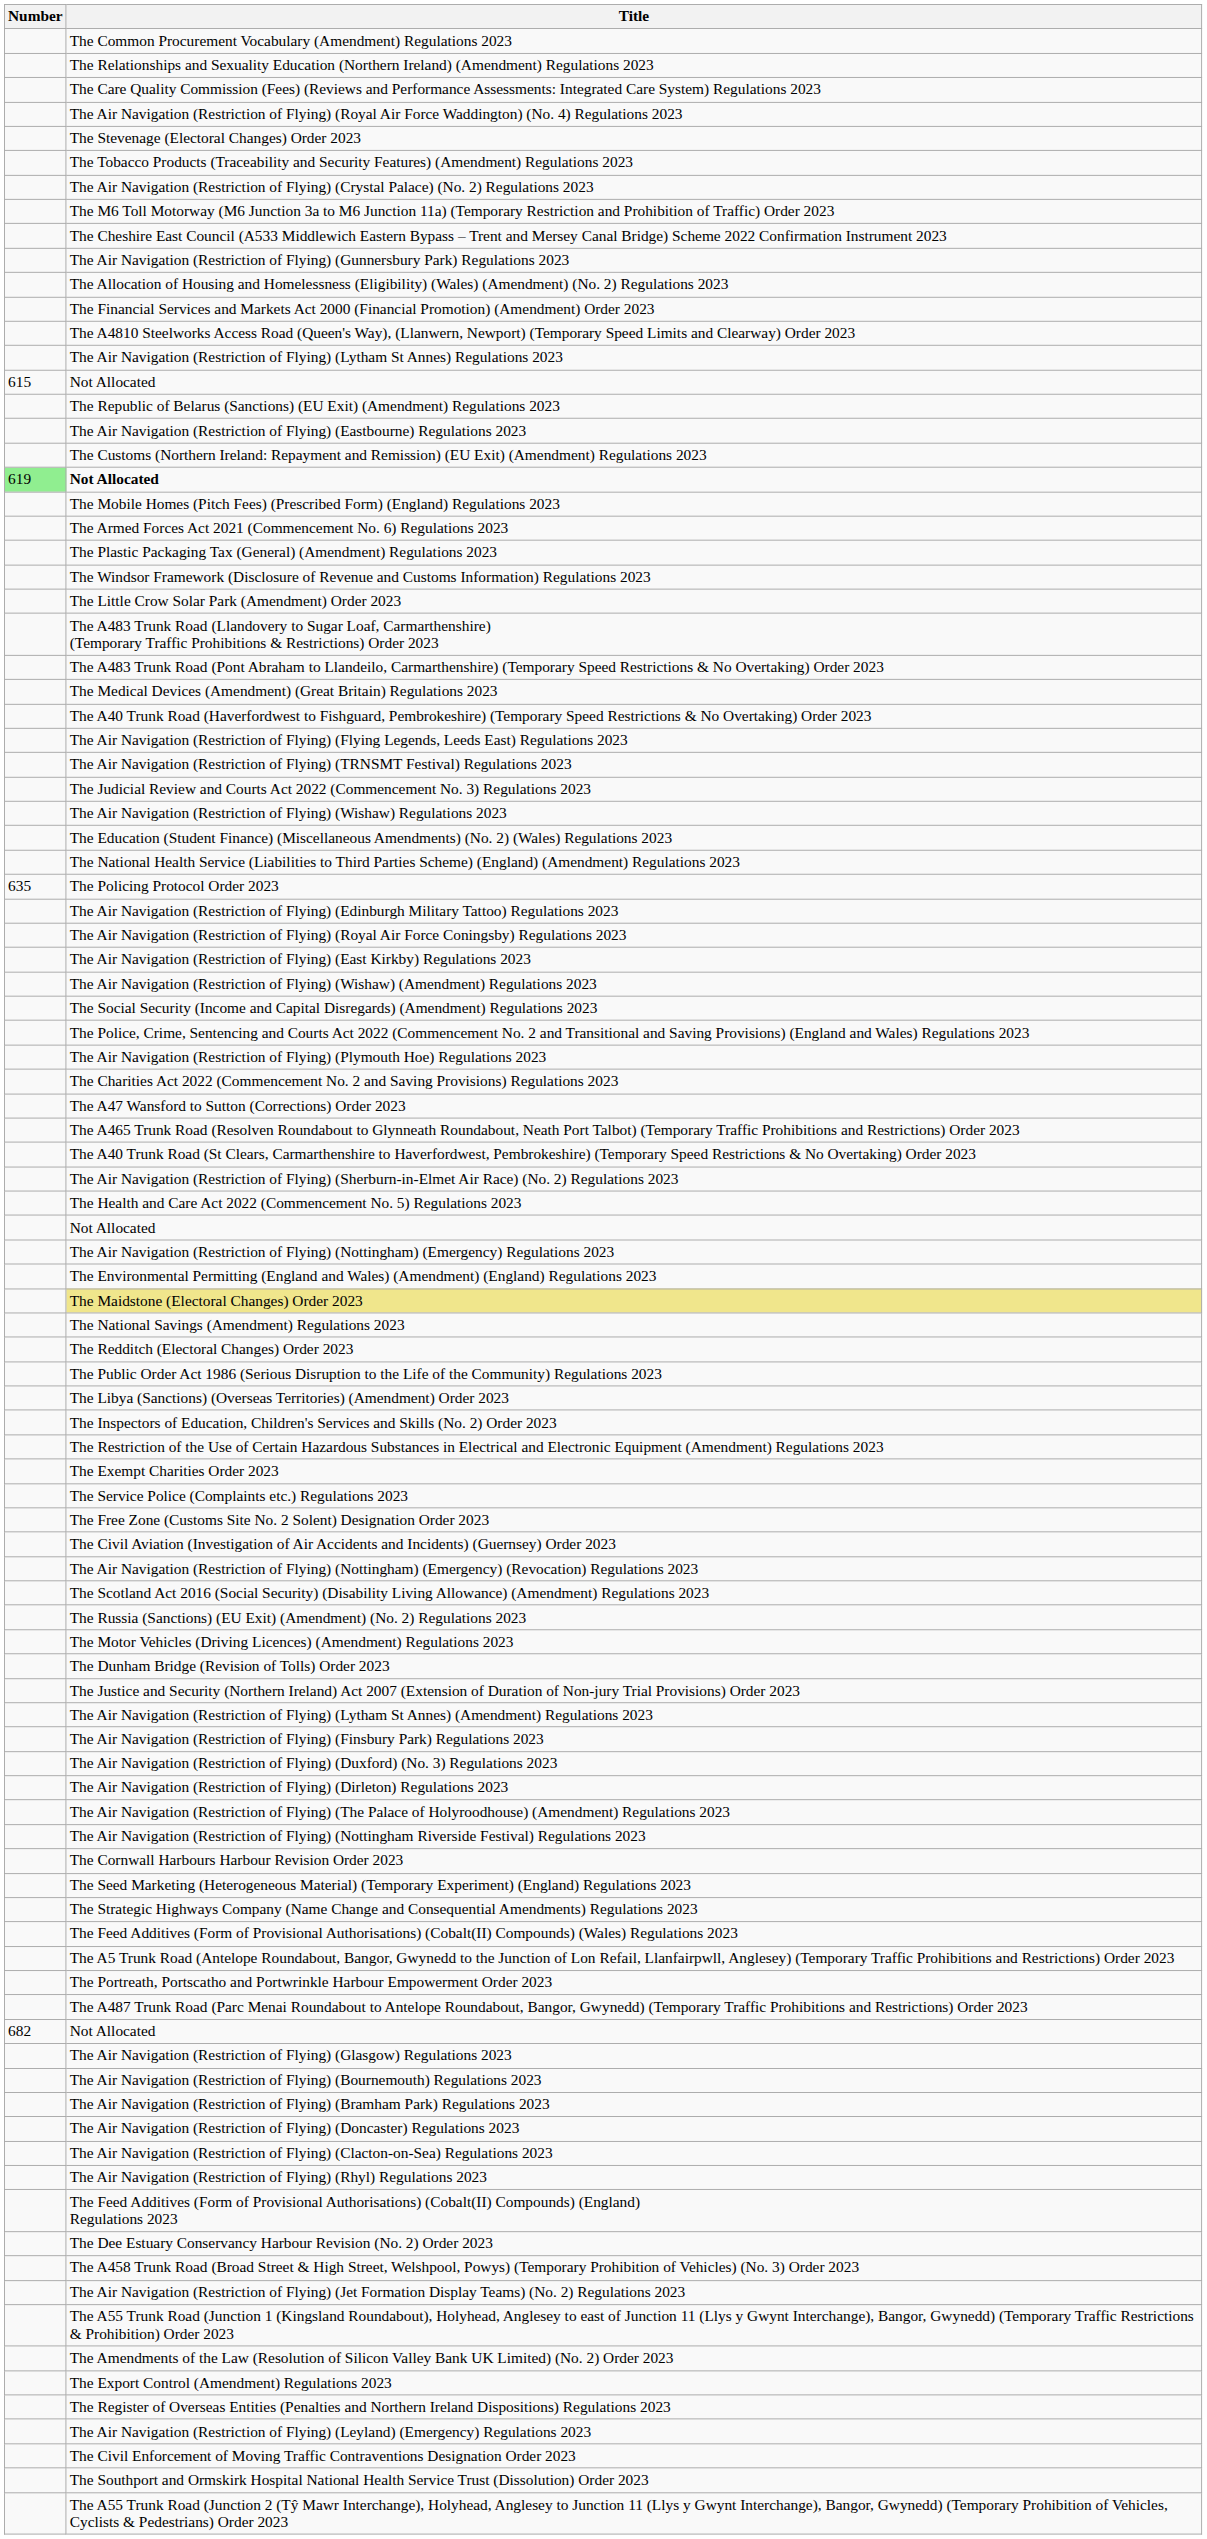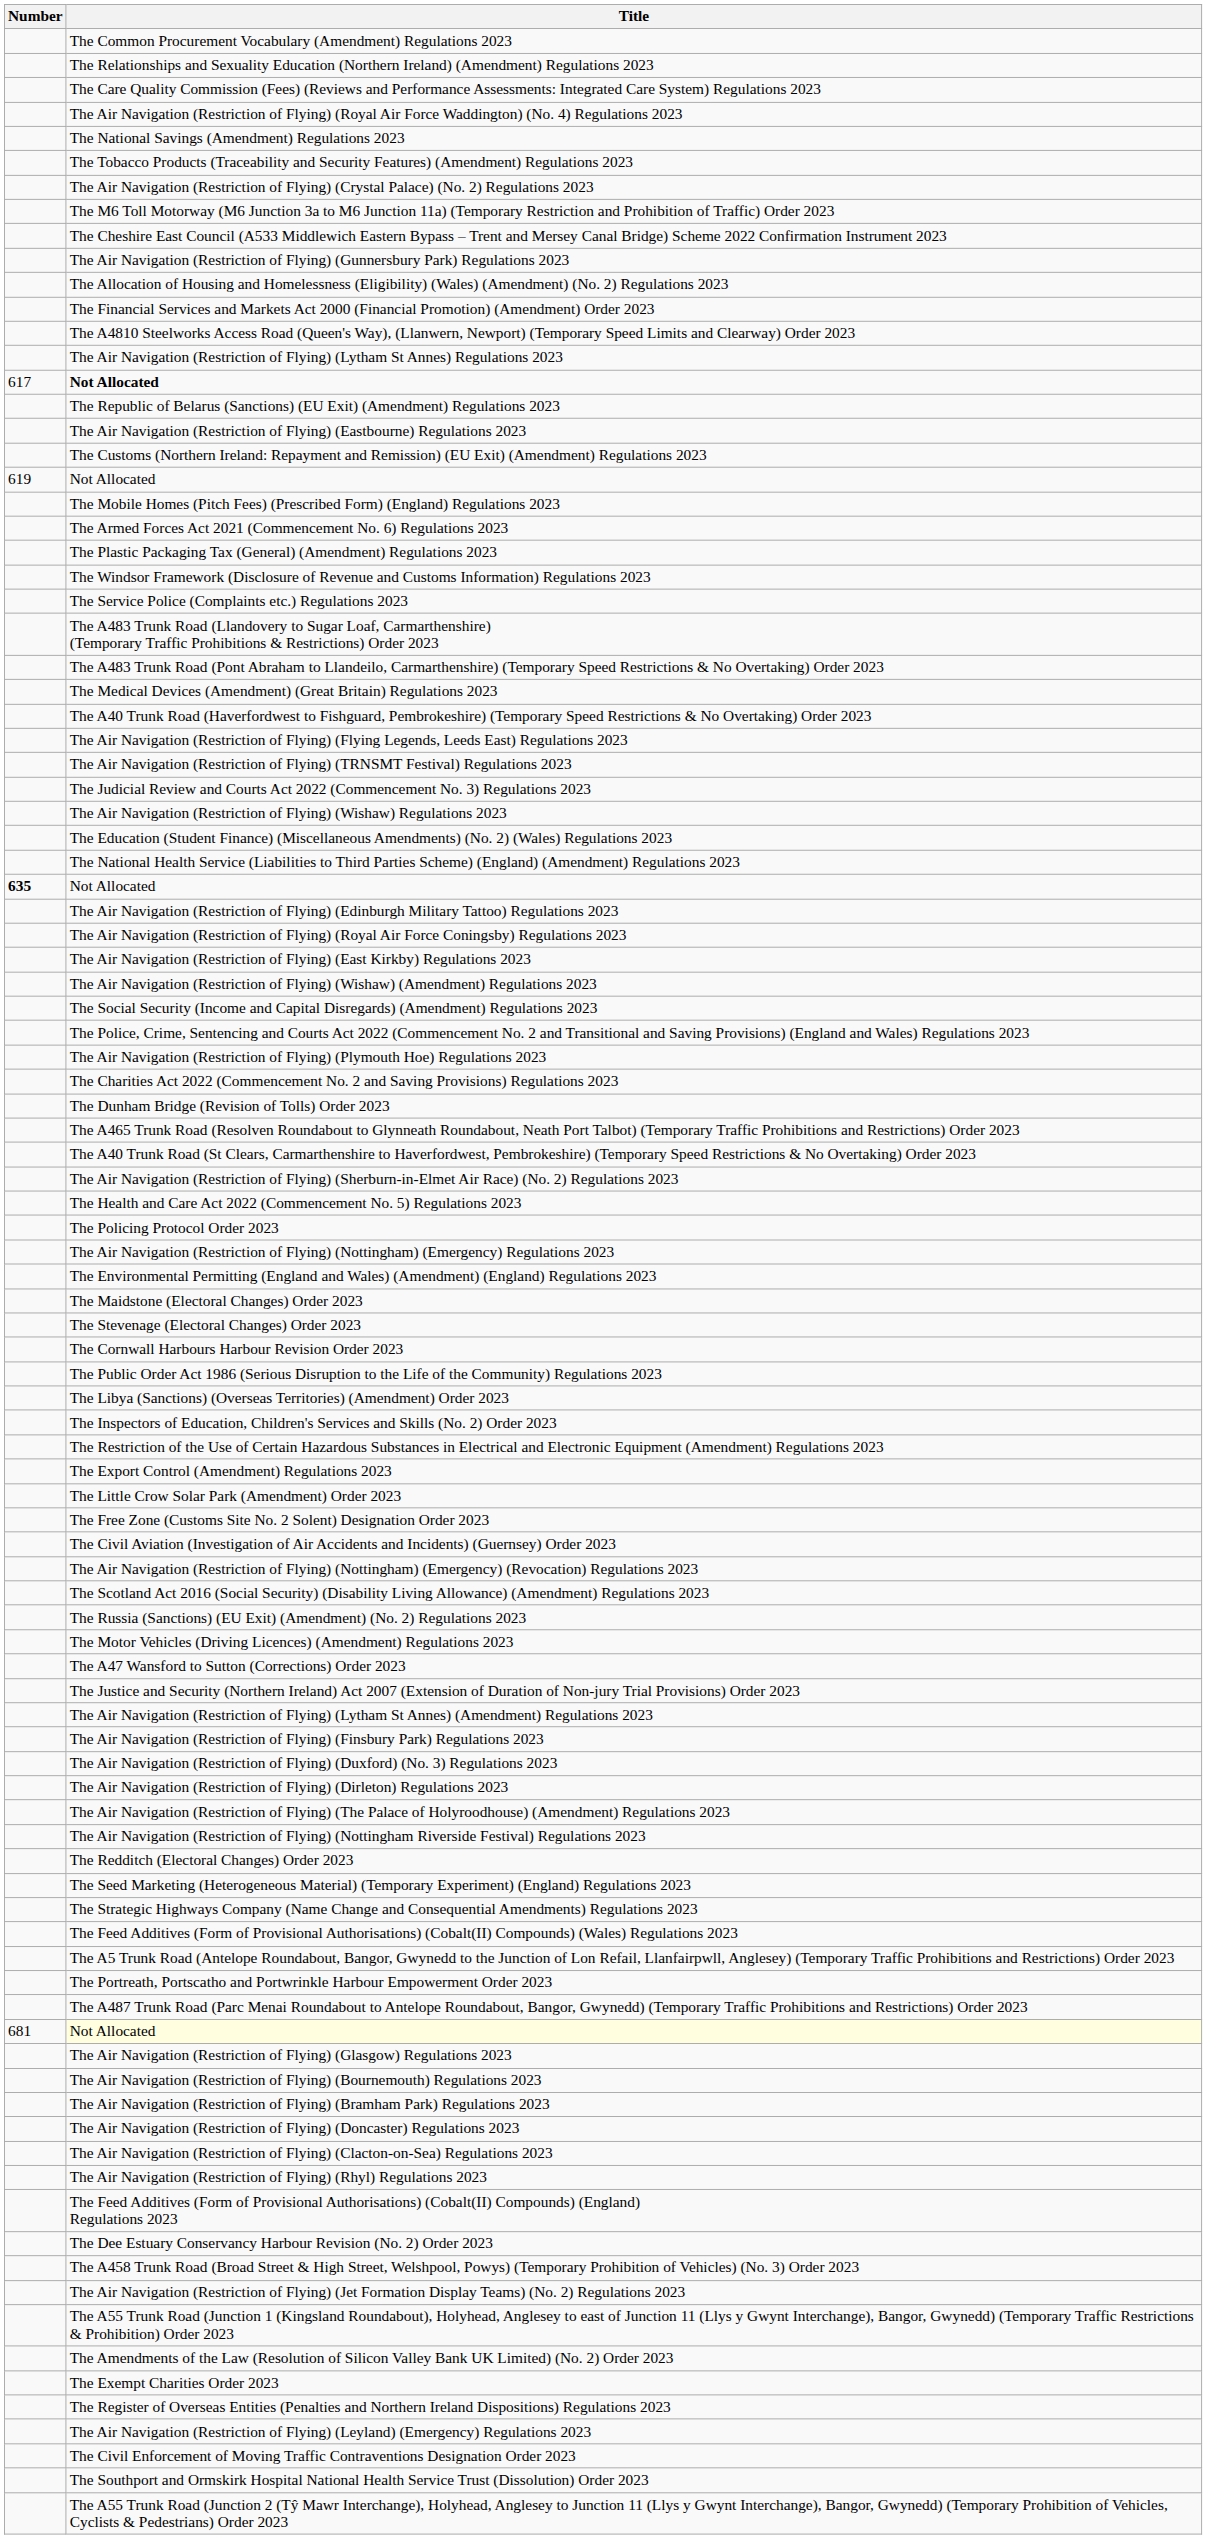 <table class="wikitable collapsible">
 <tr>
 <th>Number</th>
 <th>Title</th>
 </tr>
 <tr>
 <td></td>
 <td>The Common Procurement Vocabulary (Amendment) Regulations 2023</td>
 </tr>
 <tr>
 <td></td>
 <td>The Relationships and Sexuality Education (Northern Ireland) (Amendment) Regulations 2023</td>
 </tr>
 <tr>
 <td></td>
 <td>The Care Quality Commission (Fees) (Reviews and Performance Assessments: Integrated Care System) Regulations 2023</td>
 </tr>
 <tr>
 <td></td>
 <td>The Air Navigation (Restriction of Flying) (Royal Air Force Waddington) (No. 4) Regulations 2023</td>
 </tr>
 <tr>
 <td></td>
-<td>The Stevenage (Electoral Changes) Order 2023</td>
+<td>The National Savings (Amendment) Regulations 2023</td>
 </tr>
 <tr>
 <td></td>
 <td>The Tobacco Products (Traceability and Security Features) (Amendment) Regulations 2023</td>
 </tr>
 <tr>
 <td></td>
 <td>The Air Navigation (Restriction of Flying) (Crystal Palace) (No. 2) Regulations 2023</td>
 </tr>
 <tr>
 <td></td>
 <td>The M6 Toll Motorway (M6 Junction 3a to M6 Junction 11a) (Temporary Restriction and Prohibition of Traffic) Order 2023</td>
 </tr>
 <tr>
 <td></td>
 <td>The Cheshire East Council (A533 Middlewich Eastern Bypass – Trent and Mersey Canal Bridge) Scheme 2022 Confirmation Instrument 2023</td>
 </tr>
 <tr>
 <td></td>
 <td>The Air Navigation (Restriction of Flying) (Gunnersbury Park) Regulations 2023</td>
 </tr>
 <tr>
 <td></td>
 <td>The Allocation of Housing and Homelessness (Eligibility) (Wales) (Amendment) (No. 2) Regulations 2023</td>
 </tr>
 <tr>
 <td></td>
 <td>The Financial Services and Markets Act 2000 (Financial Promotion) (Amendment) Order 2023</td>
 </tr>
 <tr>
 <td></td>
 <td>The A4810 Steelworks Access Road (Queen's Way), (Llanwern, Newport) (Temporary Speed Limits and Clearway) Order 2023</td>
 </tr>
 <tr>
 <td></td>
 <td>The Air Navigation (Restriction of Flying) (Lytham St Annes) Regulations 2023</td>
 </tr>
 <tr>
-<td>615</td>
-<td>Not Allocated</td>
+<td>617</td>
+<td><strong>Not Allocated</strong></td>
 </tr>
 <tr>
 <td></td>
 <td>The Republic of Belarus (Sanctions) (EU Exit) (Amendment) Regulations 2023</td>
 </tr>
 <tr>
 <td></td>
 <td>The Air Navigation (Restriction of Flying) (Eastbourne) Regulations 2023</td>
 </tr>
 <tr>
 <td></td>
 <td>The Customs (Northern Ireland: Repayment and Remission) (EU Exit) (Amendment) Regulations 2023</td>
 </tr>
 <tr>
-<td style="background: lightgreen;">619</td>
-<td><strong>Not Allocated</strong></td>
+<td>619</td>
+<td>Not Allocated</td>
 </tr>
 <tr>
 <td></td>
 <td>The Mobile Homes (Pitch Fees) (Prescribed Form) (England) Regulations 2023</td>
 </tr>
 <tr>
 <td></td>
 <td>The Armed Forces Act 2021 (Commencement No. 6) Regulations 2023</td>
 </tr>
 <tr>
 <td></td>
 <td>The Plastic Packaging Tax (General) (Amendment) Regulations 2023</td>
 </tr>
 <tr>
 <td></td>
 <td>The Windsor Framework (Disclosure of Revenue and Customs Information) Regulations 2023</td>
 </tr>
 <tr>
 <td></td>
-<td>The Little Crow Solar Park (Amendment) Order 2023</td>
+<td>The Service Police (Complaints etc.) Regulations 2023</td>
 </tr>
 <tr>
 <td></td>
 <td>The A483 Trunk Road (Llandovery to Sugar Loaf, Carmarthenshire)<br>(Temporary Traffic Prohibitions & Restrictions) Order 2023</td>
 </tr>
 <tr>
 <td></td>
 <td>The A483 Trunk Road (Pont Abraham to Llandeilo, Carmarthenshire) (Temporary Speed Restrictions & No Overtaking) Order 2023</td>
 </tr>
 <tr>
 <td></td>
 <td>The Medical Devices (Amendment) (Great Britain) Regulations 2023</td>
 </tr>
 <tr>
 <td></td>
 <td>The A40 Trunk Road (Haverfordwest to Fishguard, Pembrokeshire) (Temporary Speed Restrictions & No Overtaking) Order 2023</td>
 </tr>
 <tr>
 <td></td>
 <td>The Air Navigation (Restriction of Flying) (Flying Legends, Leeds East) Regulations 2023</td>
 </tr>
 <tr>
 <td></td>
 <td>The Air Navigation (Restriction of Flying) (TRNSMT Festival) Regulations 2023</td>
 </tr>
 <tr>
 <td></td>
 <td>The Judicial Review and Courts Act 2022 (Commencement No. 3) Regulations 2023</td>
 </tr>
 <tr>
 <td></td>
 <td>The Air Navigation (Restriction of Flying) (Wishaw) Regulations 2023</td>
 </tr>
 <tr>
 <td></td>
 <td>The Education (Student Finance) (Miscellaneous Amendments) (No. 2) (Wales) Regulations 2023</td>
 </tr>
 <tr>
 <td></td>
 <td>The National Health Service (Liabilities to Third Parties Scheme) (England) (Amendment) Regulations 2023</td>
 </tr>
 <tr>
-<td>635</td>
-<td>The Policing Protocol Order 2023</td>
+<td><strong>635</strong></td>
+<td>Not Allocated</td>
 </tr>
 <tr>
 <td></td>
 <td>The Air Navigation (Restriction of Flying) (Edinburgh Military Tattoo) Regulations 2023</td>
 </tr>
 <tr>
 <td></td>
 <td>The Air Navigation (Restriction of Flying) (Royal Air Force Coningsby) Regulations 2023</td>
 </tr>
 <tr>
 <td></td>
 <td>The Air Navigation (Restriction of Flying) (East Kirkby) Regulations 2023</td>
 </tr>
 <tr>
 <td></td>
 <td>The Air Navigation (Restriction of Flying) (Wishaw) (Amendment) Regulations 2023</td>
 </tr>
 <tr>
 <td></td>
 <td>The Social Security (Income and Capital Disregards) (Amendment) Regulations 2023</td>
 </tr>
 <tr>
 <td></td>
 <td>The Police, Crime, Sentencing and Courts Act 2022 (Commencement No. 2 and Transitional and Saving Provisions) (England and Wales) Regulations 2023</td>
 </tr>
 <tr>
 <td></td>
 <td>The Air Navigation (Restriction of Flying) (Plymouth Hoe) Regulations 2023</td>
 </tr>
 <tr>
 <td></td>
 <td>The Charities Act 2022 (Commencement No. 2 and Saving Provisions) Regulations 2023</td>
 </tr>
 <tr>
 <td></td>
-<td>The A47 Wansford to Sutton (Corrections) Order 2023</td>
+<td>The Dunham Bridge (Revision of Tolls) Order 2023</td>
 </tr>
 <tr>
 <td></td>
 <td>The A465 Trunk Road (Resolven Roundabout to Glynneath Roundabout, Neath Port Talbot) (Temporary Traffic Prohibitions and Restrictions) Order 2023</td>
 </tr>
 <tr>
 <td></td>
 <td>The A40 Trunk Road (St Clears, Carmarthenshire to Haverfordwest, Pembrokeshire) (Temporary Speed Restrictions & No Overtaking) Order 2023</td>
 </tr>
 <tr>
 <td></td>
 <td>The Air Navigation (Restriction of Flying) (Sherburn-in-Elmet Air Race) (No. 2) Regulations 2023</td>
 </tr>
 <tr>
 <td></td>
 <td>The Health and Care Act 2022 (Commencement No. 5) Regulations 2023</td>
 </tr>
 <tr>
 <td></td>
-<td>Not Allocated</td>
+<td>The Policing Protocol Order 2023</td>
 </tr>
 <tr>
 <td></td>
 <td>The Air Navigation (Restriction of Flying) (Nottingham) (Emergency) Regulations 2023</td>
 </tr>
 <tr>
 <td></td>
 <td>The Environmental Permitting (England and Wales) (Amendment) (England) Regulations 2023</td>
 </tr>
 <tr>
 <td></td>
-<td style="background: khaki;">The Maidstone (Electoral Changes) Order 2023</td>
+<td>The Maidstone (Electoral Changes) Order 2023</td>
 </tr>
 <tr>
 <td></td>
-<td>The National Savings (Amendment) Regulations 2023</td>
+<td>The Stevenage (Electoral Changes) Order 2023</td>
 </tr>
 <tr>
 <td></td>
-<td>The Redditch (Electoral Changes) Order 2023</td>
+<td>The Cornwall Harbours Harbour Revision Order 2023</td>
 </tr>
 <tr>
 <td></td>
 <td>The Public Order Act 1986 (Serious Disruption to the Life of the Community) Regulations 2023</td>
 </tr>
 <tr>
 <td></td>
 <td>The Libya (Sanctions) (Overseas Territories) (Amendment) Order 2023</td>
 </tr>
 <tr>
 <td></td>
 <td>The Inspectors of Education, Children's Services and Skills (No. 2) Order 2023</td>
 </tr>
 <tr>
 <td></td>
 <td>The Restriction of the Use of Certain Hazardous Substances in Electrical and Electronic Equipment (Amendment) Regulations 2023</td>
 </tr>
 <tr>
 <td></td>
-<td>The Exempt Charities Order 2023</td>
+<td>The Export Control (Amendment) Regulations 2023</td>
 </tr>
 <tr>
 <td></td>
-<td>The Service Police (Complaints etc.) Regulations 2023</td>
+<td>The Little Crow Solar Park (Amendment) Order 2023</td>
 </tr>
 <tr>
 <td></td>
 <td>The Free Zone (Customs Site No. 2 Solent) Designation Order 2023</td>
 </tr>
 <tr>
 <td></td>
 <td>The Civil Aviation (Investigation of Air Accidents and Incidents) (Guernsey) Order 2023</td>
 </tr>
 <tr>
 <td></td>
 <td>The Air Navigation (Restriction of Flying) (Nottingham) (Emergency) (Revocation) Regulations 2023</td>
 </tr>
 <tr>
 <td></td>
 <td>The Scotland Act 2016 (Social Security) (Disability Living Allowance) (Amendment) Regulations 2023</td>
 </tr>
 <tr>
 <td></td>
 <td>The Russia (Sanctions) (EU Exit) (Amendment) (No. 2) Regulations 2023</td>
 </tr>
 <tr>
 <td></td>
 <td>The Motor Vehicles (Driving Licences) (Amendment) Regulations 2023</td>
 </tr>
 <tr>
 <td></td>
-<td>The Dunham Bridge (Revision of Tolls) Order 2023</td>
+<td>The A47 Wansford to Sutton (Corrections) Order 2023</td>
 </tr>
 <tr>
 <td></td>
 <td>The Justice and Security (Northern Ireland) Act 2007 (Extension of Duration of Non-jury Trial Provisions) Order 2023</td>
 </tr>
 <tr>
 <td></td>
 <td>The Air Navigation (Restriction of Flying) (Lytham St Annes) (Amendment) Regulations 2023</td>
 </tr>
 <tr>
 <td></td>
 <td>The Air Navigation (Restriction of Flying) (Finsbury Park) Regulations 2023</td>
 </tr>
 <tr>
 <td></td>
 <td>The Air Navigation (Restriction of Flying) (Duxford) (No. 3) Regulations 2023</td>
 </tr>
 <tr>
 <td></td>
 <td>The Air Navigation (Restriction of Flying) (Dirleton) Regulations 2023</td>
 </tr>
 <tr>
 <td></td>
 <td>The Air Navigation (Restriction of Flying) (The Palace of Holyroodhouse) (Amendment) Regulations 2023</td>
 </tr>
 <tr>
 <td></td>
 <td>The Air Navigation (Restriction of Flying) (Nottingham Riverside Festival) Regulations 2023</td>
 </tr>
 <tr>
 <td></td>
-<td>The Cornwall Harbours Harbour Revision Order 2023</td>
+<td>The Redditch (Electoral Changes) Order 2023</td>
 </tr>
 <tr>
 <td></td>
 <td>The Seed Marketing (Heterogeneous Material) (Temporary Experiment) (England) Regulations 2023</td>
 </tr>
 <tr>
 <td></td>
 <td>The Strategic Highways Company (Name Change and Consequential Amendments) Regulations 2023</td>
 </tr>
 <tr>
 <td></td>
 <td>The Feed Additives (Form of Provisional Authorisations) (Cobalt(II) Compounds) (Wales) Regulations 2023</td>
 </tr>
 <tr>
 <td></td>
 <td>The A5 Trunk Road (Antelope Roundabout, Bangor, Gwynedd to the Junction of Lon Refail, Llanfairpwll, Anglesey) (Temporary Traffic Prohibitions and Restrictions) Order 2023</td>
 </tr>
 <tr>
 <td></td>
 <td>The Portreath, Portscatho and Portwrinkle Harbour Empowerment Order 2023</td>
 </tr>
 <tr>
 <td></td>
 <td>The A487 Trunk Road (Parc Menai Roundabout to Antelope Roundabout, Bangor, Gwynedd) (Temporary Traffic Prohibitions and Restrictions) Order 2023</td>
 </tr>
 <tr>
-<td>682</td>
-<td>Not Allocated</td>
+<td>681</td>
+<td style="background: lightyellow;">Not Allocated</td>
 </tr>
 <tr>
 <td></td>
 <td>The Air Navigation (Restriction of Flying) (Glasgow) Regulations 2023</td>
 </tr>
 <tr>
 <td></td>
 <td>The Air Navigation (Restriction of Flying) (Bournemouth) Regulations 2023</td>
 </tr>
 <tr>
 <td></td>
 <td>The Air Navigation (Restriction of Flying) (Bramham Park) Regulations 2023</td>
 </tr>
 <tr>
 <td></td>
 <td>The Air Navigation (Restriction of Flying) (Doncaster) Regulations 2023</td>
 </tr>
 <tr>
 <td></td>
 <td>The Air Navigation (Restriction of Flying) (Clacton-on-Sea) Regulations 2023</td>
 </tr>
 <tr>
 <td></td>
 <td>The Air Navigation (Restriction of Flying) (Rhyl) Regulations 2023</td>
 </tr>
 <tr>
 <td></td>
 <td>The Feed Additives (Form of Provisional Authorisations) (Cobalt(II) Compounds) (England)<br>Regulations 2023</td>
 </tr>
 <tr>
 <td></td>
 <td>The Dee Estuary Conservancy Harbour Revision (No. 2) Order 2023</td>
 </tr>
 <tr>
 <td></td>
 <td>The A458 Trunk Road (Broad Street & High Street, Welshpool, Powys) (Temporary Prohibition of Vehicles) (No. 3) Order 2023</td>
 </tr>
 <tr>
 <td></td>
 <td>The Air Navigation (Restriction of Flying) (Jet Formation Display Teams) (No. 2) Regulations 2023</td>
 </tr>
 <tr>
 <td></td>
 <td>The A55 Trunk Road (Junction 1 (Kingsland Roundabout), Holyhead, Anglesey to east of Junction 11 (Llys y Gwynt Interchange), Bangor, Gwynedd) (Temporary Traffic Restrictions & Prohibition) Order 2023</td>
 </tr>
 <tr>
 <td></td>
 <td>The Amendments of the Law (Resolution of Silicon Valley Bank UK Limited) (No. 2) Order 2023</td>
 </tr>
 <tr>
 <td></td>
-<td>The Export Control (Amendment) Regulations 2023</td>
+<td>The Exempt Charities Order 2023</td>
 </tr>
 <tr>
 <td></td>
 <td>The Register of Overseas Entities (Penalties and Northern Ireland Dispositions) Regulations 2023</td>
 </tr>
 <tr>
 <td></td>
 <td>The Air Navigation (Restriction of Flying) (Leyland) (Emergency) Regulations 2023</td>
 </tr>
 <tr>
 <td></td>
 <td>The Civil Enforcement of Moving Traffic Contraventions Designation Order 2023</td>
 </tr>
 <tr>
 <td></td>
 <td>The Southport and Ormskirk Hospital National Health Service Trust (Dissolution) Order 2023</td>
 </tr>
 <tr>
 <td></td>
 <td>The A55 Trunk Road (Junction 2 (Tŷ Mawr Interchange), Holyhead, Anglesey to Junction 11 (Llys y Gwynt Interchange), Bangor, Gwynedd) (Temporary Prohibition of Vehicles, Cyclists & Pedestrians) Order 2023</td>
 </tr>
 </table>
